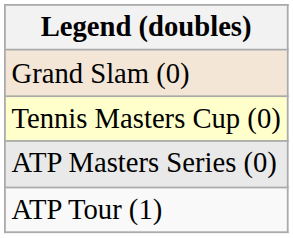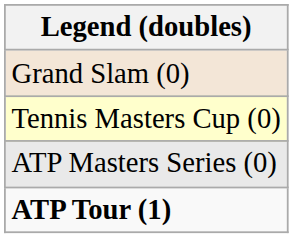 <table class="wikitable">
 <tr>
 <th>Legend (doubles)</th>
 </tr>
 <tr bgcolor=#f3e6d7>
 <td>Grand Slam (0)</td>
 </tr>
 <tr bgcolor=#ffffcc>
 <td>Tennis Masters Cup (0)</td>
 </tr>
 <tr bgcolor=#e9e9e9>
 <td>ATP Masters Series (0)</td>
 </tr>
 <tr>
-<td>ATP Tour (1)</td>
+<td><strong>ATP Tour (1)</strong></td>
 </tr>
 </table>
